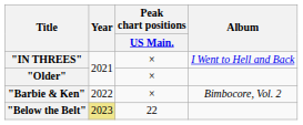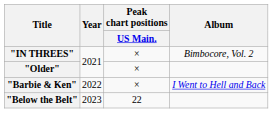 <table class="wikitable plainrowheaders" style="text-align:center;">
 <tr>
 <th rowspan="2">Title</th>
 <th rowspan="2">Year</th>
 <th>Peak<br>chart positions</th>
 <th rowspan="2">Album</th>
 </tr>
 <tr>
 <th><a href='#'>US Main.</a><br></th>
 </tr>
 <tr>
 <th scope="row">"IN THREES"<br></th>
 <td rowspan="2">2021</td>
 <td>×</td>
-<td><em><a href='#'>I Went to Hell and Back</a></em></td>
+<td><em>Bimbocore, Vol. 2</em></td>
 </tr>
 <tr>
 <th scope="row">"Older"<br></th>
 <td>×</td>
 <td></td>
 </tr>
 <tr>
 <th scope="row">"Barbie & Ken"<br></th>
 <td>2022</td>
 <td>×</td>
-<td><em>Bimbocore, Vol. 2</em></td>
+<td><em><a href='#'>I Went to Hell and Back</a></em></td>
 </tr>
 <tr>
 <th scope="row">"Below the Belt"<br></th>
-<td style="background: khaki;">2023</td>
+<td>2023</td>
 <td>22</td>
 <td></td>
 </tr>
 </table>
